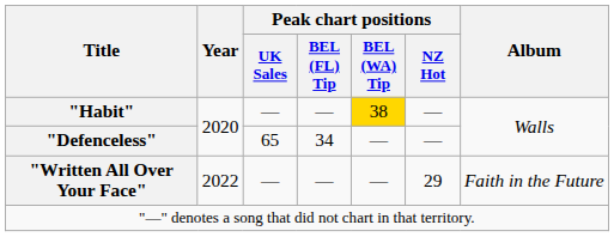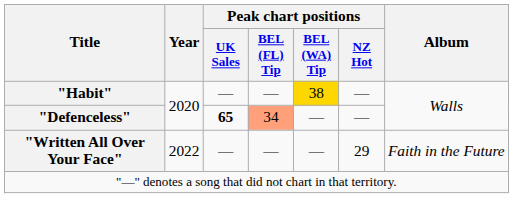 <table class="wikitable plainrowheaders" style="text-align:center;">
 <tr>
 <th scope="col" rowspan="2" style="width:10em;">Title</th>
 <th scope="col" rowspan="2">Year</th>
 <th scope="col" colspan="4">Peak chart positions</th>
 <th scope="col" rowspan="2">Album</th>
 </tr>
 <tr>
 <th scope="col" style="width:3em;font-size:85%;"><a href='#'>UK<br>Sales</a><br></th>
 <th scope="col" style="width:3em;font-size:85%;"><a href='#'>BEL (FL)<br>Tip</a><br></th>
 <th scope="col" style="width:3em;font-size:85%;"><a href='#'>BEL (WA)<br>Tip</a><br></th>
 <th scope="col" style="width:3em;font-size:85%;"><a href='#'>NZ<br>Hot</a><br></th>
 </tr>
 <tr>
 <th scope="row">"Habit"</th>
 <td rowspan="2">2020</td>
 <td>—</td>
 <td>—</td>
 <td style="background: gold;">38</td>
 <td>—</td>
 <td rowspan="2"><em>Walls</em></td>
 </tr>
 <tr>
 <th scope="row">"Defenceless"</th>
-<td>65</td>
-<td>34</td>
+<td><strong>65</strong></td>
+<td style="background: lightsalmon;">34</td>
 <td>—</td>
 <td>—</td>
 </tr>
 <tr>
 <th scope="row">"Written All Over Your Face"</th>
 <td>2022</td>
 <td>—</td>
 <td>—</td>
 <td>—</td>
 <td>29</td>
 <td><em>Faith in the Future</em></td>
 </tr>
 <tr>
 <td colspan="8" style="font-size:85%;">"—" denotes a song that did not chart in that territory.</td>
 </tr>
 </table>
